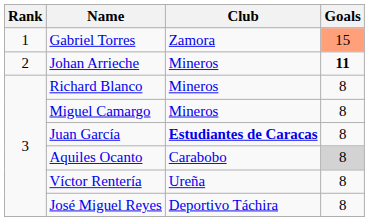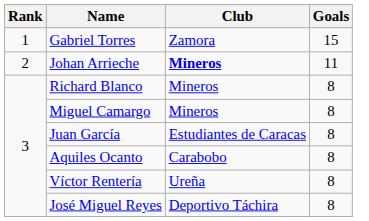 <table class="wikitable" border="1">
 <tr>
 <th>Rank</th>
 <th>Name</th>
 <th>Club</th>
 <th>Goals</th>
 </tr>
 <tr>
 <td align=center>1</td>
 <td> <a href='#'>Gabriel Torres</a></td>
 <td><a href='#'>Zamora</a></td>
-<td align=center style="background: lightsalmon;">15</td>
+<td align=center>15</td>
 </tr>
 <tr>
 <td align=center>2</td>
 <td> <a href='#'>Johan Arrieche</a></td>
-<td><a href='#'>Mineros</a></td>
-<td align=center><strong>11</strong></td>
+<td><strong><a href='#'>Mineros</a></strong></td>
+<td align=center>11</td>
 </tr>
 <tr>
 <td rowspan=6 align=center>3</td>
 <td> <a href='#'>Richard Blanco</a></td>
 <td><a href='#'>Mineros</a></td>
 <td align=center>8</td>
 </tr>
 <tr>
 <td> <a href='#'>Miguel Camargo</a></td>
 <td><a href='#'>Mineros</a></td>
 <td align=center>8</td>
 </tr>
 <tr>
 <td> <a href='#'>Juan García</a></td>
-<td><strong><a href='#'>Estudiantes de Caracas</a></strong></td>
+<td><a href='#'>Estudiantes de Caracas</a></td>
 <td align=center>8</td>
 </tr>
 <tr>
 <td> <a href='#'>Aquiles Ocanto</a></td>
 <td><a href='#'>Carabobo</a></td>
-<td align=center style="background: lightgrey;">8</td>
+<td align=center>8</td>
 </tr>
 <tr>
 <td> <a href='#'>Víctor Rentería</a></td>
 <td><a href='#'>Ureña</a></td>
 <td align=center>8</td>
 </tr>
 <tr>
 <td> <a href='#'>José Miguel Reyes</a></td>
 <td><a href='#'>Deportivo Táchira</a></td>
 <td align=center>8</td>
 </tr>
 </table>
